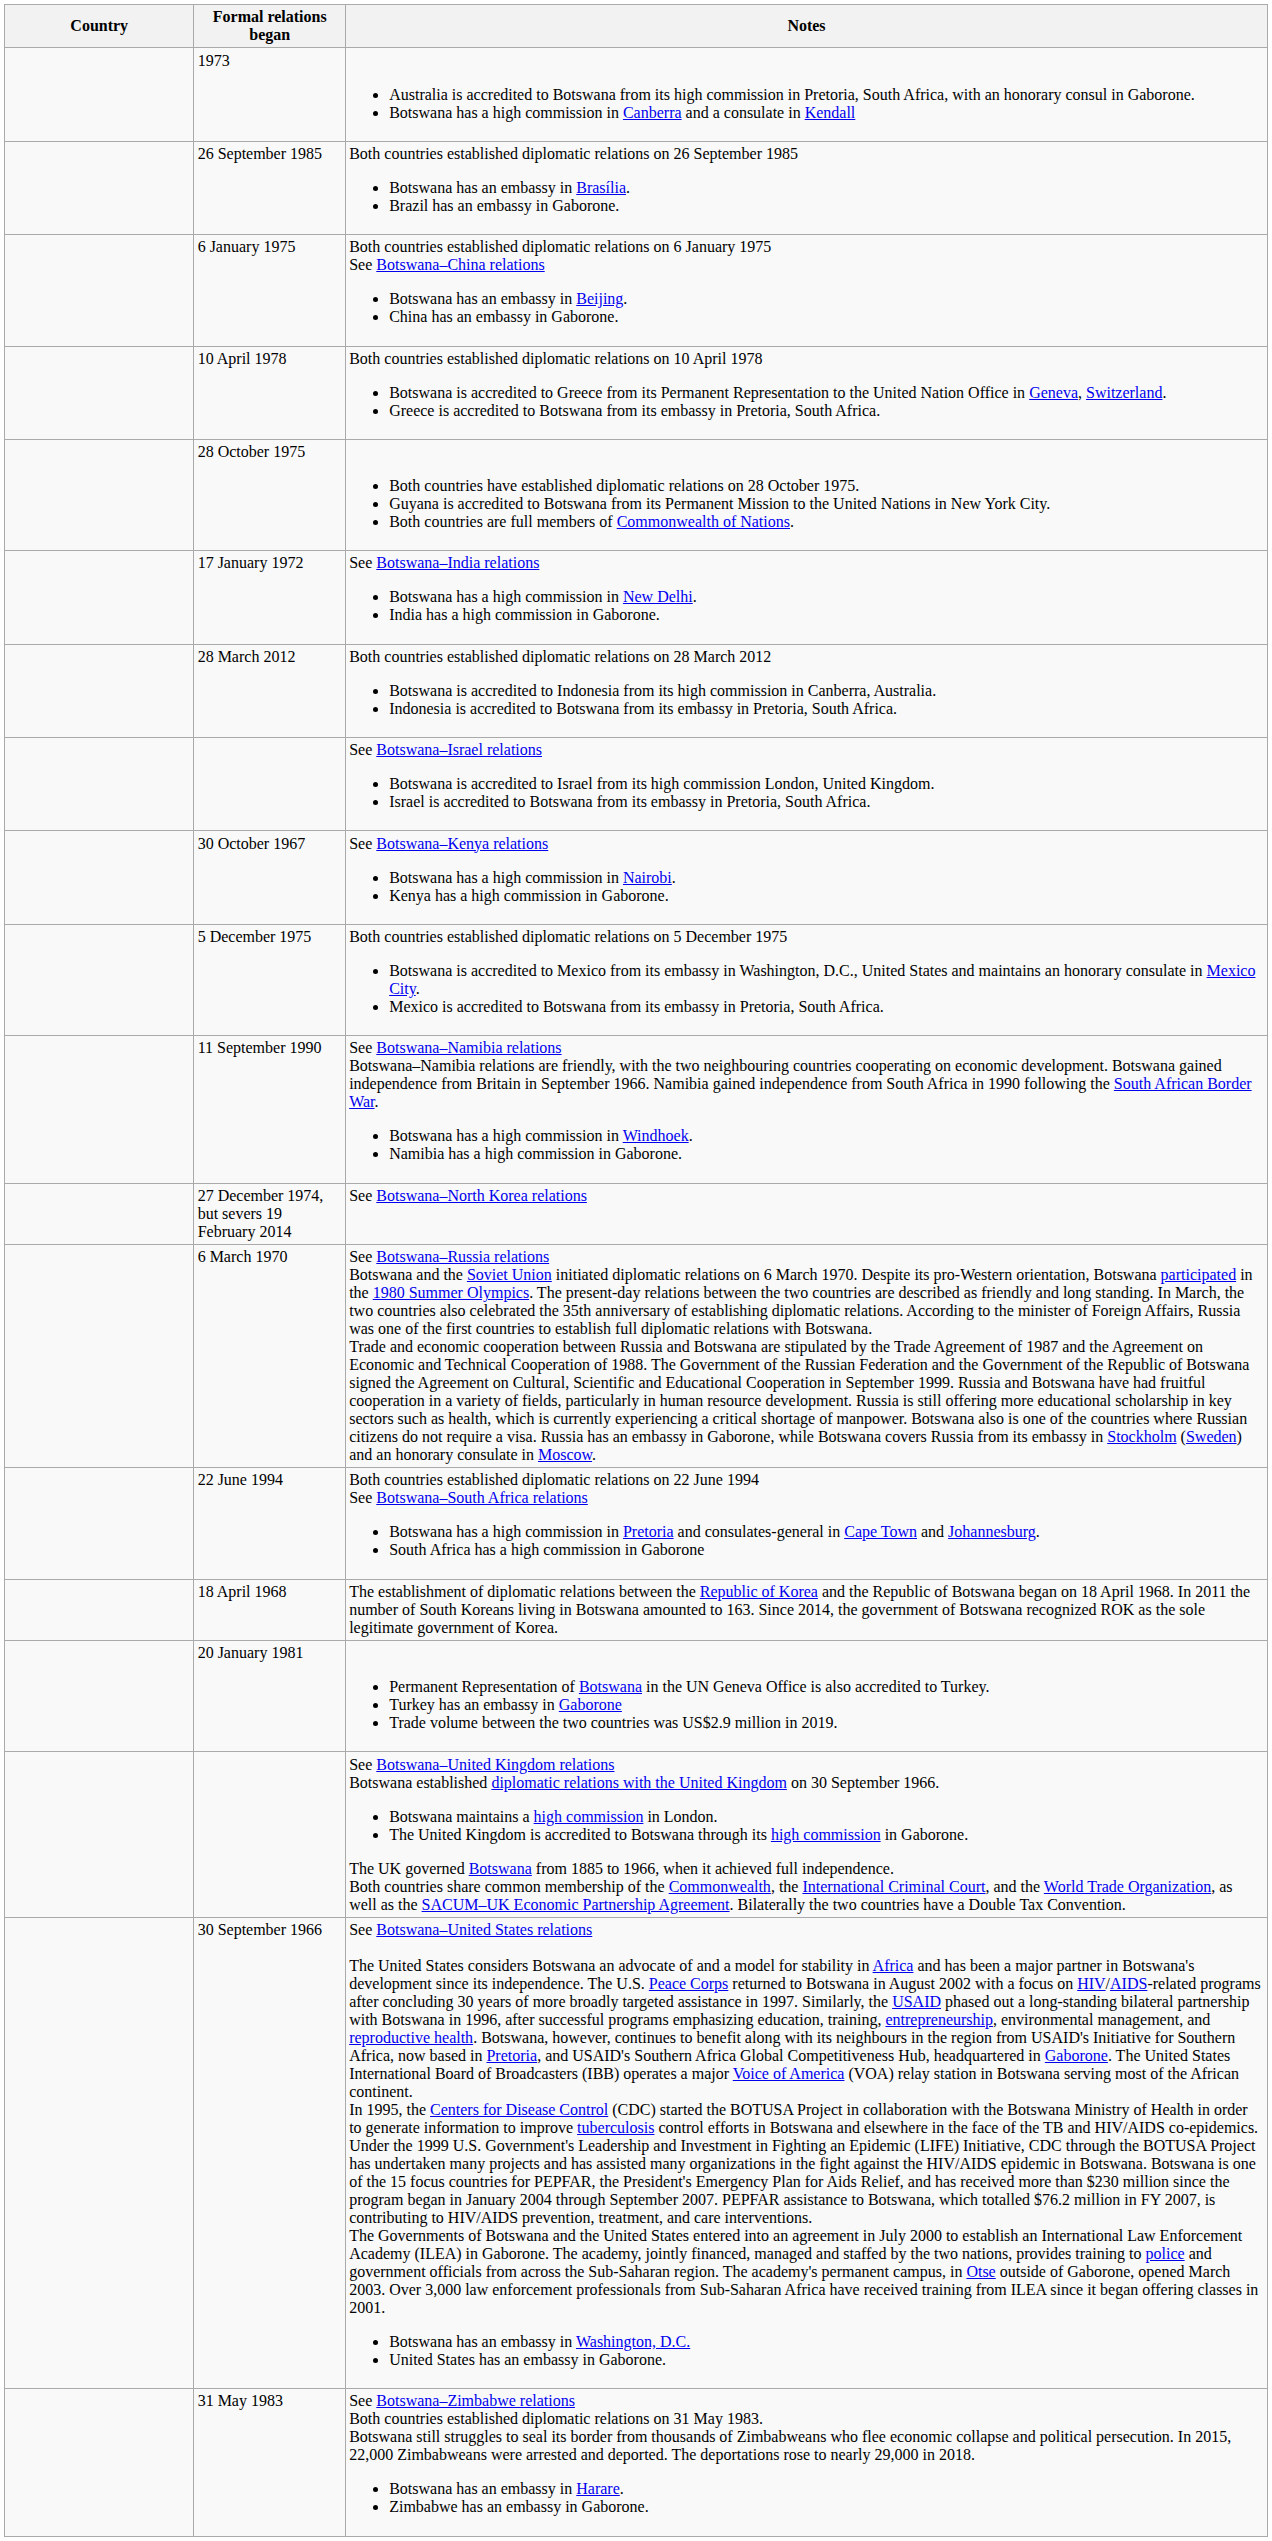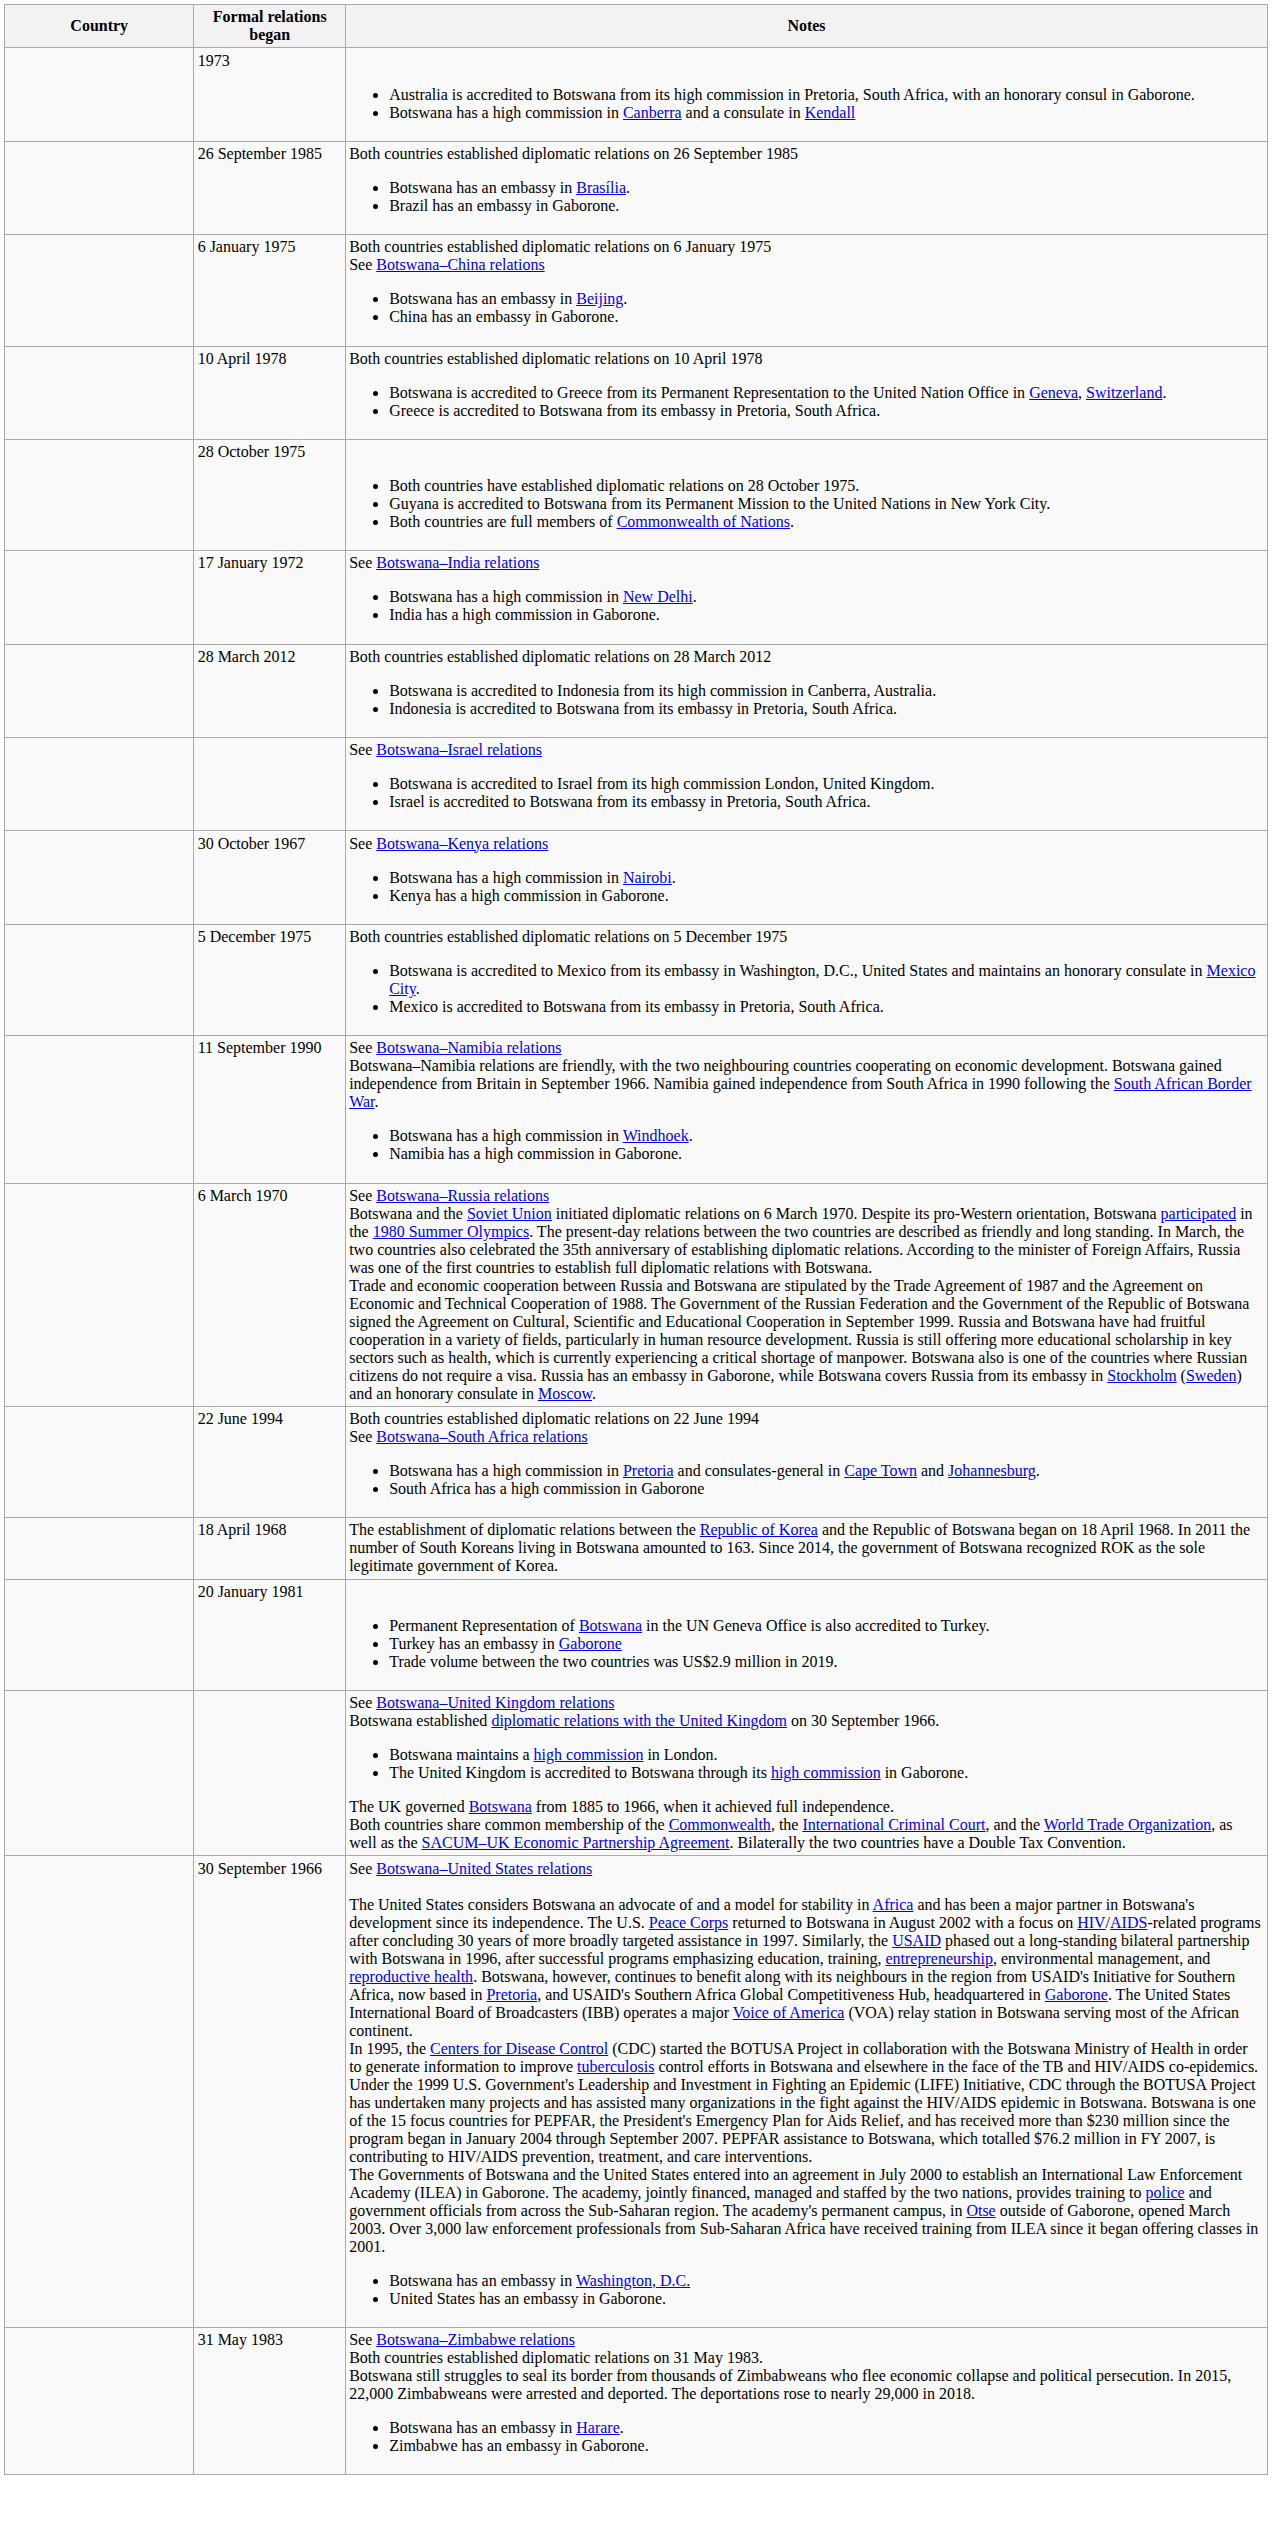 <table class="wikitable sortable" style="width:100%; margin:auto;">
 <tr>
 <th style="width:15%;">Country</th>
 <th style="width:12%;">Formal relations began</th>
 <th>Notes</th>
 </tr>
 <tr valign="top">
 <td></td>
 <td>1973</td>
 <td><br><ul><li>Australia is accredited to Botswana from its high commission in Pretoria, South Africa, with an honorary consul in Gaborone.</li><li>Botswana has a high commission in <a href='#'>Canberra</a> and a consulate in <a href='#'>Kendall</a></li></ul></td>
 </tr>
 <tr valign="top">
 <td></td>
 <td>26 September 1985</td>
 <td>Both countries established diplomatic relations on 26 September 1985<br><ul><li>Botswana has an embassy in <a href='#'>Brasília</a>.</li><li>Brazil has an embassy in Gaborone.</li></ul></td>
 </tr>
 <tr valign="top">
 <td></td>
 <td>6 January 1975</td>
 <td>Both countries established diplomatic relations on 6 January 1975<br>See <a href='#'>Botswana–China relations</a><ul><li>Botswana has an embassy in <a href='#'>Beijing</a>.</li><li>China has an embassy in Gaborone.</li></ul></td>
 </tr>
 <tr valign="top">
 <td></td>
 <td>10 April 1978</td>
 <td>Both countries established diplomatic relations on 10 April 1978<br><ul><li>Botswana is accredited to Greece from its Permanent Representation to the United Nation Office in <a href='#'>Geneva</a>, <a href='#'>Switzerland</a>.</li><li>Greece is accredited to Botswana from its embassy in Pretoria, South Africa.</li></ul></td>
 </tr>
 <tr valign="top">
 <td></td>
 <td>28 October 1975</td>
 <td><br><ul><li>Both countries have established diplomatic relations on 28 October 1975.</li><li>Guyana is accredited to Botswana from its Permanent Mission to the United Nations in New York City.</li><li>Both countries are full members of <a href='#'>Commonwealth of Nations</a>.</li></ul></td>
 </tr>
 <tr valign="top">
 <td></td>
 <td>17 January 1972</td>
 <td>See <a href='#'>Botswana–India relations</a><br><ul><li>Botswana has a high commission in <a href='#'>New Delhi</a>.</li><li>India has a high commission in Gaborone.</li></ul></td>
 </tr>
 <tr valign="top">
 <td></td>
 <td>28 March 2012</td>
 <td>Both countries established diplomatic relations on 28 March 2012<br><ul><li>Botswana is accredited to Indonesia from its high commission in Canberra, Australia.</li><li>Indonesia is accredited to Botswana from its embassy in Pretoria, South Africa.</li></ul></td>
 </tr>
 <tr valign="top">
 <td></td>
 <td></td>
 <td>See <a href='#'>Botswana–Israel relations</a><br><ul><li>Botswana is accredited to Israel from its high commission London, United Kingdom.</li><li>Israel is accredited to Botswana from its embassy in Pretoria, South Africa.</li></ul></td>
 </tr>
 <tr valign="top">
 <td></td>
 <td>30 October 1967</td>
 <td>See <a href='#'>Botswana–Kenya relations</a><br><ul><li>Botswana has a high commission in <a href='#'>Nairobi</a>.</li><li>Kenya has a high commission in Gaborone.</li></ul></td>
 </tr>
 <tr valign="top">
 <td></td>
 <td>5 December 1975</td>
 <td>Both countries established diplomatic relations on 5 December 1975<br><ul><li>Botswana is accredited to Mexico from its embassy in Washington, D.C., United States and maintains an honorary consulate in <a href='#'>Mexico City</a>.</li><li>Mexico is accredited to Botswana from its embassy in Pretoria, South Africa.</li></ul></td>
 </tr>
 <tr valign="top">
 <td></td>
 <td>11 September 1990</td>
 <td>See <a href='#'>Botswana–Namibia relations</a><br>Botswana–Namibia relations are friendly, with the two neighbouring countries cooperating on economic development. Botswana gained independence from Britain in September 1966. Namibia gained independence from South Africa in 1990 following the <a href='#'>South African Border War</a>.<ul><li>Botswana has a high commission in <a href='#'>Windhoek</a>.</li><li>Namibia has a high commission in Gaborone.</li></ul></td>
 </tr>
 <tr valign="top">
 <td></td>
-<td>27 December 1974, but severs 19 February 2014</td>
-<td>See <a href='#'>Botswana–North Korea relations</a></td>
-</tr>
-<tr valign="top">
-<td></td>
 <td>6 March 1970</td>
 <td>See <a href='#'>Botswana–Russia relations</a><br>Botswana and the <a href='#'>Soviet Union</a> initiated diplomatic relations on 6 March 1970. Despite its pro-Western orientation, Botswana <a href='#'>participated</a> in the <a href='#'>1980 Summer Olympics</a>. The present-day relations between the two countries are described as friendly and long standing. In March, the two countries also celebrated the 35th anniversary of establishing diplomatic relations. According to the minister of Foreign Affairs, Russia was one of the first countries to establish full diplomatic relations with Botswana.<br>Trade and economic cooperation between Russia and Botswana are stipulated by the Trade Agreement of 1987 and the Agreement on Economic and Technical Cooperation of 1988. The Government of the Russian Federation and the Government of the Republic of Botswana signed the Agreement on Cultural, Scientific and Educational Cooperation in September 1999. Russia and Botswana have had fruitful cooperation in a variety of fields, particularly in human resource development. Russia is still offering more educational scholarship in key sectors such as health, which is currently experiencing a critical shortage of manpower. Botswana also is one of the countries where Russian citizens do not require a visa. Russia has an embassy in Gaborone, while Botswana covers Russia from its embassy in <a href='#'>Stockholm</a> (<a href='#'>Sweden</a>) and an honorary consulate in <a href='#'>Moscow</a>.</td>
 </tr>
 <tr valign="top">
 <td></td>
 <td>22 June 1994</td>
 <td>Both countries established diplomatic relations on 22 June 1994<br>See <a href='#'>Botswana–South Africa relations</a><ul><li>Botswana has a high commission in <a href='#'>Pretoria</a> and consulates-general in <a href='#'>Cape Town</a> and <a href='#'>Johannesburg</a>.</li><li>South Africa has a high commission in Gaborone</li></ul></td>
 </tr>
 <tr valign="top">
 <td></td>
 <td>18 April 1968</td>
 <td>The establishment of diplomatic relations between the <a href='#'>Republic of Korea</a> and the Republic of Botswana began on 18 April 1968. In 2011 the number of South Koreans living in Botswana amounted to 163. Since 2014, the government of Botswana recognized ROK as the sole legitimate government of Korea.</td>
 </tr>
 <tr valign="top">
 <td></td>
 <td>20 January 1981</td>
 <td><br><ul><li>Permanent Representation of <a href='#'>Botswana</a> in the UN Geneva Office is also accredited to Turkey.</li><li>Turkey has an embassy in <a href='#'>Gaborone</a></li><li>Trade volume between the two countries was US$2.9 million in 2019.</li></ul></td>
 </tr>
 <tr valign="top">
 <td></td>
 <td></td>
 <td>See <a href='#'>Botswana–United Kingdom relations</a><br> Botswana established <a href='#'>diplomatic relations with the United Kingdom</a> on 30 September 1966.<ul><li>Botswana maintains a <a href='#'>high commission</a> in London.</li><li>The United Kingdom is accredited to Botswana through its <a href='#'>high commission</a> in Gaborone.</li></ul>The UK governed <a href='#'>Botswana</a> from 1885 to 1966, when it achieved full independence.<br>Both countries share common membership of the <a href='#'>Commonwealth</a>, the <a href='#'>International Criminal Court</a>, and the <a href='#'>World Trade Organization</a>, as well as the <a href='#'>SACUM–UK Economic Partnership Agreement</a>. Bilaterally the two countries have a Double Tax Convention.</td>
 </tr>
 <tr valign="top">
 <td></td>
 <td>30 September 1966</td>
 <td>See <a href='#'>Botswana–United States relations</a><br><br>The United States considers Botswana an advocate of and a model for stability in <a href='#'>Africa</a> and has been a major partner in Botswana's development since its independence. The U.S. <a href='#'>Peace Corps</a> returned to Botswana in August 2002 with a focus on <a href='#'>HIV</a>/<a href='#'>AIDS</a>-related programs after concluding 30 years of more broadly targeted assistance in 1997. Similarly, the <a href='#'>USAID</a> phased out a long-standing bilateral partnership with Botswana in 1996, after successful programs emphasizing education, training, <a href='#'>entrepreneurship</a>, environmental management, and <a href='#'>reproductive health</a>. Botswana, however, continues to benefit along with its neighbours in the region from USAID's Initiative for Southern Africa, now based in <a href='#'>Pretoria</a>, and USAID's Southern Africa Global Competitiveness Hub, headquartered in <a href='#'>Gaborone</a>. The United States International Board of Broadcasters (IBB) operates a major <a href='#'>Voice of America</a> (VOA) relay station in Botswana serving most of the African continent.<br>In 1995, the <a href='#'>Centers for Disease Control</a> (CDC) started the BOTUSA Project in collaboration with the Botswana Ministry of Health in order to generate information to improve <a href='#'>tuberculosis</a> control efforts in Botswana and elsewhere in the face of the TB and HIV/AIDS co-epidemics. Under the 1999 U.S. Government's Leadership and Investment in Fighting an Epidemic (LIFE) Initiative, CDC through the BOTUSA Project has undertaken many projects and has assisted many organizations in the fight against the HIV/AIDS epidemic in Botswana. Botswana is one of the 15 focus countries for PEPFAR, the President's Emergency Plan for Aids Relief, and has received more than $230 million since the program began in January 2004 through September 2007. PEPFAR assistance to Botswana, which totalled $76.2 million in FY 2007, is contributing to HIV/AIDS prevention, treatment, and care interventions.<br>The Governments of Botswana and the United States entered into an agreement in July 2000 to establish an International Law Enforcement Academy (ILEA) in Gaborone. The academy, jointly financed, managed and staffed by the two nations, provides training to <a href='#'>police</a> and government officials from across the Sub-Saharan region. The academy's permanent campus, in <a href='#'>Otse</a> outside of Gaborone, opened March 2003. Over 3,000 law enforcement professionals from Sub-Saharan Africa have received training from ILEA since it began offering classes in 2001.<ul><li>Botswana has an embassy in <a href='#'>Washington, D.C.</a></li><li>United States has an embassy in Gaborone.</li></ul></td>
 </tr>
 <tr valign="top">
 <td></td>
 <td>31 May 1983</td>
 <td>See <a href='#'>Botswana–Zimbabwe relations</a><br>Both countries established diplomatic relations on 31 May 1983.<br>Botswana still struggles to seal its border from thousands of Zimbabweans who flee economic collapse and political persecution. In 2015, 22,000 Zimbabweans were arrested and deported. The deportations rose to nearly 29,000 in 2018.<ul><li>Botswana has an embassy in <a href='#'>Harare</a>.</li><li>Zimbabwe has an embassy in Gaborone.</li></ul></td>
 </tr>
 </table>
